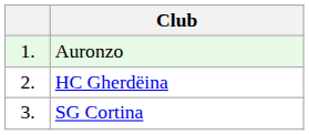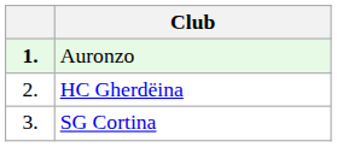 <table class="wikitable">
 <tr>
 <th width="30"></th>
 <th width="200">Club</th>
 </tr>
 <tr bgcolor="#e6fae6" align="center">
-<td>1.</td>
+<td><strong>1.</strong></td>
 <td align="left">Auronzo</td>
 </tr>
 <tr bgcolor="#FFFFFF" align="center">
 <td>2.</td>
 <td align="left"><a href='#'>HC Gherdëina</a></td>
 </tr>
 <tr bgcolor="#FFFFFF" align="center">
 <td>3.</td>
 <td align="left"><a href='#'>SG Cortina</a></td>
 </tr>
 </table>
